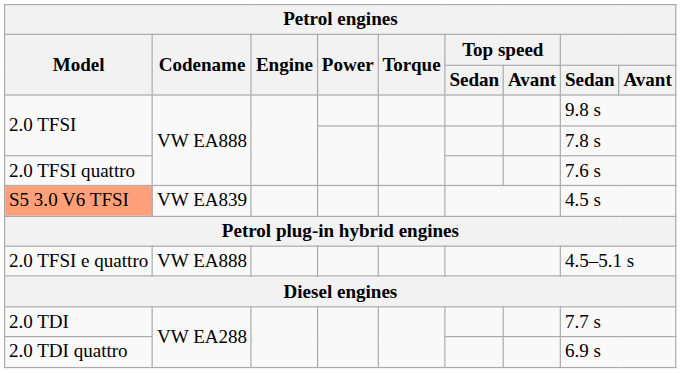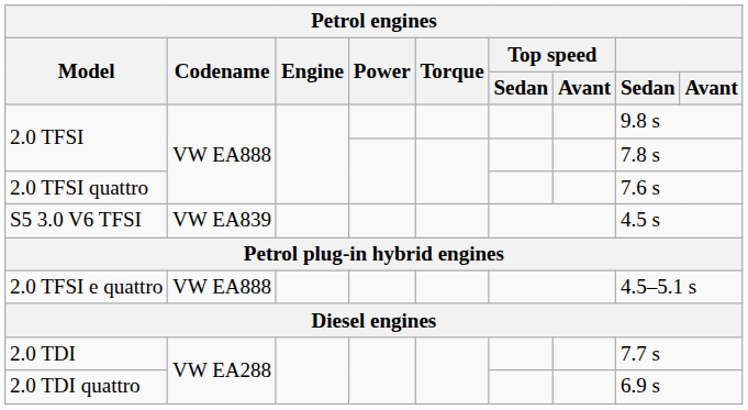 <table class="wikitable collapsible">
 <tr>
 <th colspan="9" style="text-align:center">Petrol engines</th>
 </tr>
 <tr>
 <th rowspan="2">Model</th>
 <th rowspan="2">Codename</th>
 <th rowspan="2">Engine</th>
 <th rowspan="2">Power</th>
 <th rowspan="2">Torque</th>
 <th colspan="2">Top speed</th>
 <th colspan="2"></th>
 </tr>
 <tr>
 <th>Sedan</th>
 <th>Avant</th>
 <th>Sedan</th>
 <th>Avant</th>
 </tr>
 <tr>
 <td rowspan="2">2.0 TFSI</td>
 <td rowspan="3">VW EA888</td>
 <td rowspan="3"></td>
 <td></td>
 <td></td>
 <td></td>
 <td></td>
 <td colspan="2">9.8 s</td>
 </tr>
 <tr>
 <td rowspan="2"></td>
 <td rowspan="2"></td>
 <td></td>
 <td></td>
 <td colspan="2">7.8 s</td>
 </tr>
 <tr>
 <td>2.0 TFSI quattro</td>
 <td></td>
 <td></td>
 <td colspan="2">7.6 s</td>
 </tr>
 <tr>
-<td style="background: lightsalmon;">S5 3.0 V6 TFSI</td>
+<td>S5 3.0 V6 TFSI</td>
 <td>VW EA839</td>
 <td></td>
 <td></td>
 <td></td>
 <td colspan="2"></td>
 <td colspan="2">4.5 s</td>
 </tr>
 <tr>
 <th colspan="9" style="text-align:center">Petrol plug-in hybrid engines</th>
 </tr>
 <tr>
 <td>2.0 TFSI e quattro</td>
 <td>VW EA888</td>
 <td></td>
 <td></td>
 <td></td>
 <td colspan="2"></td>
 <td colspan="2">4.5–5.1 s</td>
 </tr>
 <tr>
 <th colspan="9">Diesel engines</th>
 </tr>
 <tr>
 <td>2.0 TDI</td>
 <td rowspan="2">VW EA288</td>
 <td rowspan="2"></td>
 <td rowspan="2"></td>
 <td rowspan="2"></td>
 <td></td>
 <td></td>
 <td colspan="2">7.7 s</td>
 </tr>
 <tr>
 <td>2.0 TDI quattro</td>
 <td></td>
 <td></td>
 <td colspan="2">6.9 s</td>
 </tr>
 </table>
